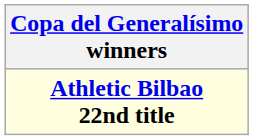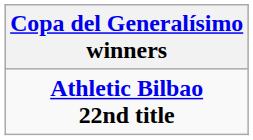 <table class="wikitable" style="text-align: center; margin: 0 auto;">
 <tr>
 <th><a href='#'>Copa del Generalísimo</a><br>winners</th>
 </tr>
 <tr>
-<td style="background: lightyellow;"><strong><a href='#'>Athletic Bilbao</a></strong><br><strong>22nd title</strong></td>
+<td><strong><a href='#'>Athletic Bilbao</a></strong><br><strong>22nd title</strong></td>
 </tr>
 </table>
